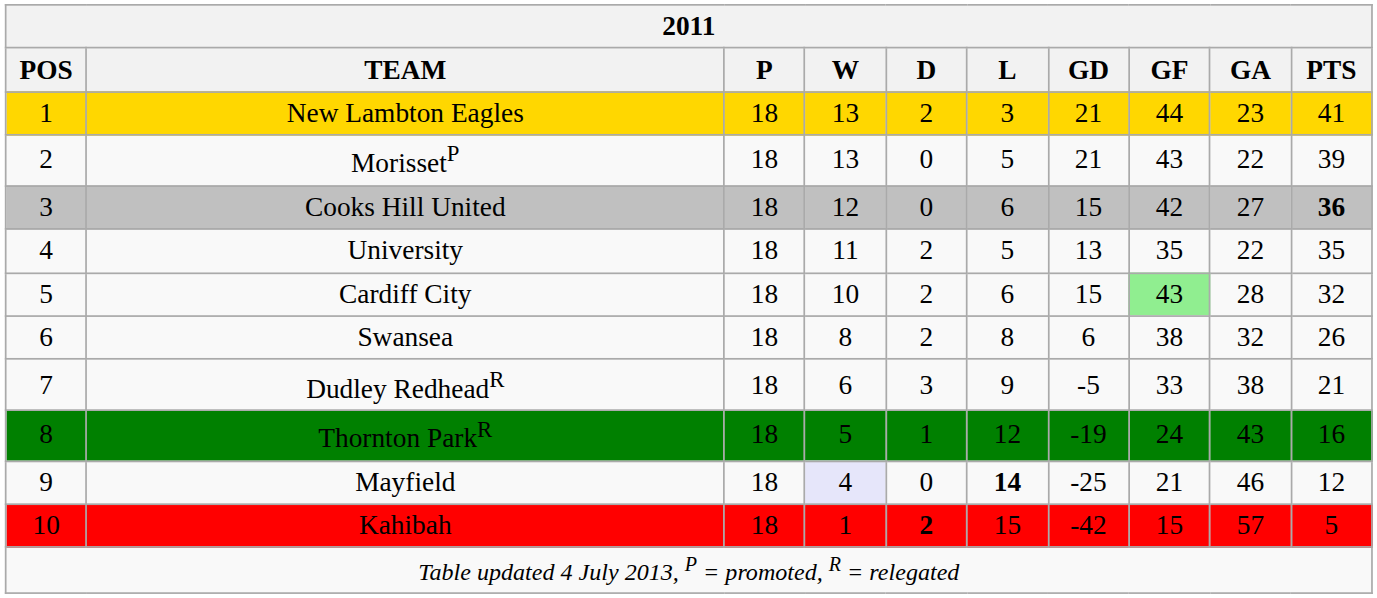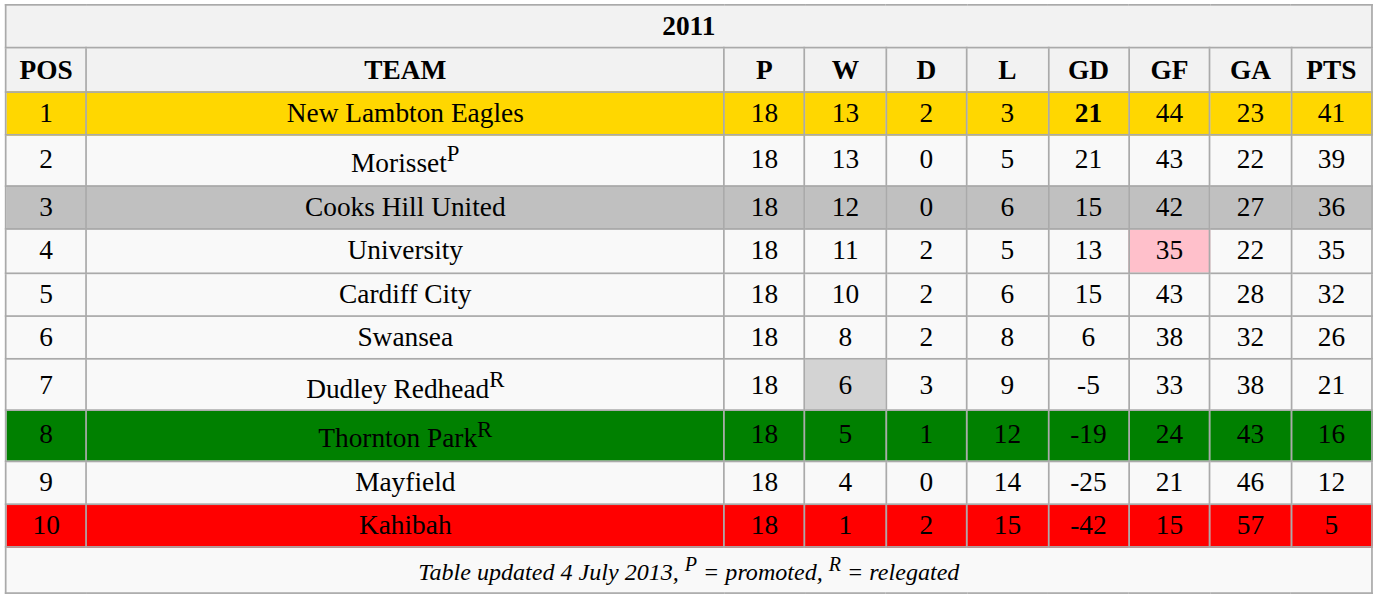 <table class="wikitable collapsible collapsed" style="text-align:center; min-width:50em; margin: 1em auto 1em auto;">
 <tr>
 <th colspan=10>2011</th>
 </tr>
 <tr>
 <th scope="col" width="40px">POS</th>
 <th scope="col">TEAM</th>
 <th scope="col" width="40px">P</th>
 <th scope="col" width="40px">W</th>
 <th scope="col" width="40px">D</th>
 <th scope="col" width="40px">L</th>
 <th scope="col" width="40px">GD</th>
 <th scope="col" width="40px">GF</th>
 <th scope="col" width="40px">GA</th>
 <th scope="col" width="40px">PTS</th>
 </tr>
 <tr style="background: gold;">
 <td>1</td>
 <td>New Lambton Eagles</td>
 <td>18</td>
 <td>13</td>
 <td>2</td>
 <td>3</td>
-<td>21</td>
+<td><strong>21</strong></td>
 <td>44</td>
 <td>23</td>
 <td>41</td>
 </tr>
 <tr>
 <td>2</td>
 <td>Morisset<sup>P</sup></td>
 <td>18</td>
 <td>13</td>
 <td>0</td>
 <td>5</td>
 <td>21</td>
 <td>43</td>
 <td>22</td>
 <td>39</td>
 </tr>
 <tr style="background: silver;">
 <td>3</td>
 <td>Cooks Hill United</td>
 <td>18</td>
 <td>12</td>
 <td>0</td>
 <td>6</td>
 <td>15</td>
 <td>42</td>
 <td>27</td>
-<td><strong>36</strong></td>
+<td>36</td>
 </tr>
 <tr>
 <td>4</td>
 <td>University</td>
 <td>18</td>
 <td>11</td>
 <td>2</td>
 <td>5</td>
 <td>13</td>
-<td>35</td>
+<td style="background: pink;">35</td>
 <td>22</td>
 <td>35</td>
 </tr>
 <tr>
 <td>5</td>
 <td>Cardiff City</td>
 <td>18</td>
 <td>10</td>
 <td>2</td>
 <td>6</td>
 <td>15</td>
-<td style="background: lightgreen;">43</td>
+<td>43</td>
 <td>28</td>
 <td>32</td>
 </tr>
 <tr>
 <td>6</td>
 <td>Swansea</td>
 <td>18</td>
 <td>8</td>
 <td>2</td>
 <td>8</td>
 <td>6</td>
 <td>38</td>
 <td>32</td>
 <td>26</td>
 </tr>
 <tr>
 <td>7</td>
 <td>Dudley Redhead<sup>R</sup></td>
 <td>18</td>
-<td>6</td>
+<td style="background: lightgrey;">6</td>
 <td>3</td>
 <td>9</td>
 <td>-5</td>
 <td>33</td>
 <td>38</td>
 <td>21</td>
 </tr>
 <tr style="background: green;">
 <td>8</td>
 <td>Thornton Park<sup>R</sup></td>
 <td>18</td>
 <td>5</td>
 <td>1</td>
 <td>12</td>
 <td>-19</td>
 <td>24</td>
 <td>43</td>
 <td>16</td>
 </tr>
 <tr>
 <td>9</td>
 <td>Mayfield</td>
 <td>18</td>
-<td style="background: lavender;">4</td>
+<td>4</td>
 <td>0</td>
-<td><strong>14</strong></td>
+<td>14</td>
 <td>-25</td>
 <td>21</td>
 <td>46</td>
 <td>12</td>
 </tr>
 <tr style="background: red;">
 <td>10</td>
 <td>Kahibah</td>
 <td>18</td>
 <td>1</td>
-<td><strong>2</strong></td>
+<td>2</td>
 <td>15</td>
 <td>-42</td>
 <td>15</td>
 <td>57</td>
 <td>5</td>
 </tr>
 <tr>
 <td colspan=10 style="font-size:88%"><em>Table updated 4 July 2013, <sup>P</sup> = promoted, <sup>R</sup> = relegated</em></td>
 </tr>
 </table>
